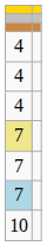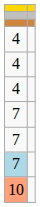 <table class="wikitable">
 <tr style="background:gold;">
 <td align=center></td>
 <td></td>
 </tr>
 <tr style="background:silver;">
 <td align=center></td>
 <td></td>
 </tr>
 <tr style="background:peru;">
 <td align=center></td>
 <td></td>
 </tr>
 <tr>
 <td align=center>4</td>
 <td></td>
 </tr>
 <tr>
 <td align=center>4</td>
 <td></td>
 </tr>
 <tr>
 <td align=center>4</td>
 <td></td>
 </tr>
 <tr>
-<td align=center style="background: khaki;">7</td>
+<td align=center>7</td>
 <td></td>
 </tr>
 <tr>
 <td align=center>7</td>
 <td></td>
 </tr>
 <tr>
 <td align=center style="background: lightblue;">7</td>
 <td></td>
 </tr>
 <tr>
-<td align=center>10</td>
+<td align=center style="background: lightsalmon;">10</td>
 <td></td>
 </tr>
 </table>
